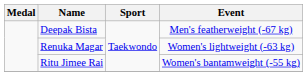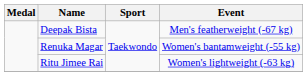 <table class="wikitable sortable"  style="font-size:100%; text-align:center;">
 <tr>
 <th>Medal</th>
 <th>Name</th>
 <th>Sport</th>
 <th>Event</th>
 </tr>
 <tr>
 <td rowspan=3></td>
 <td align=left><a href='#'>Deepak Bista</a></td>
 <td rowspan=3> <a href='#'>Taekwondo</a></td>
 <td><a href='#'>Men's featherweight (-67 kg)</a></td>
 </tr>
 <tr>
 <td align=left><a href='#'>Renuka Magar</a></td>
-<td><a href='#'>Women's lightweight (-63 kg)</a></td>
+<td><a href='#'>Women's bantamweight (-55 kg)</a></td>
 </tr>
 <tr>
 <td align=left><a href='#'>Ritu Jimee Rai</a></td>
-<td><a href='#'>Women's bantamweight (-55 kg)</a></td>
+<td><a href='#'>Women's lightweight (-63 kg)</a></td>
 </tr>
 <tr>
 </tr>
 </table>
